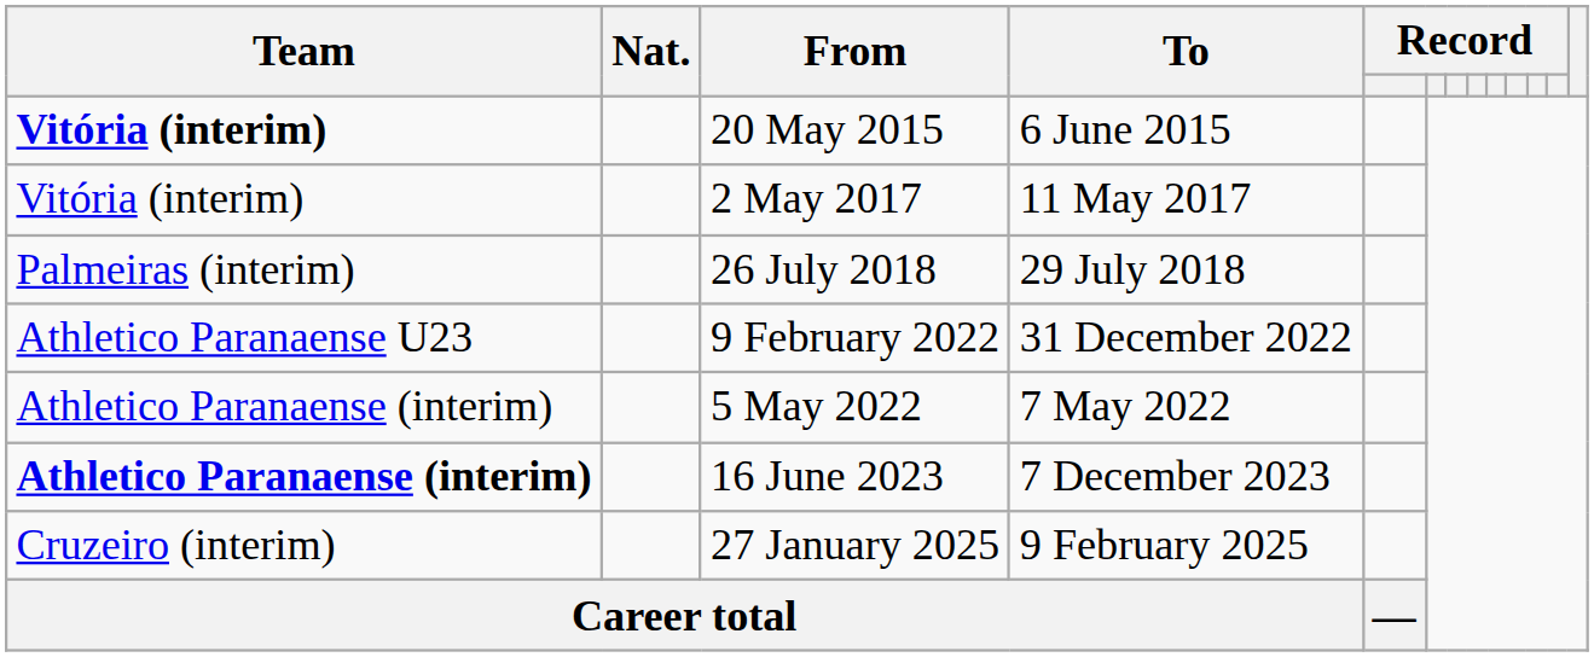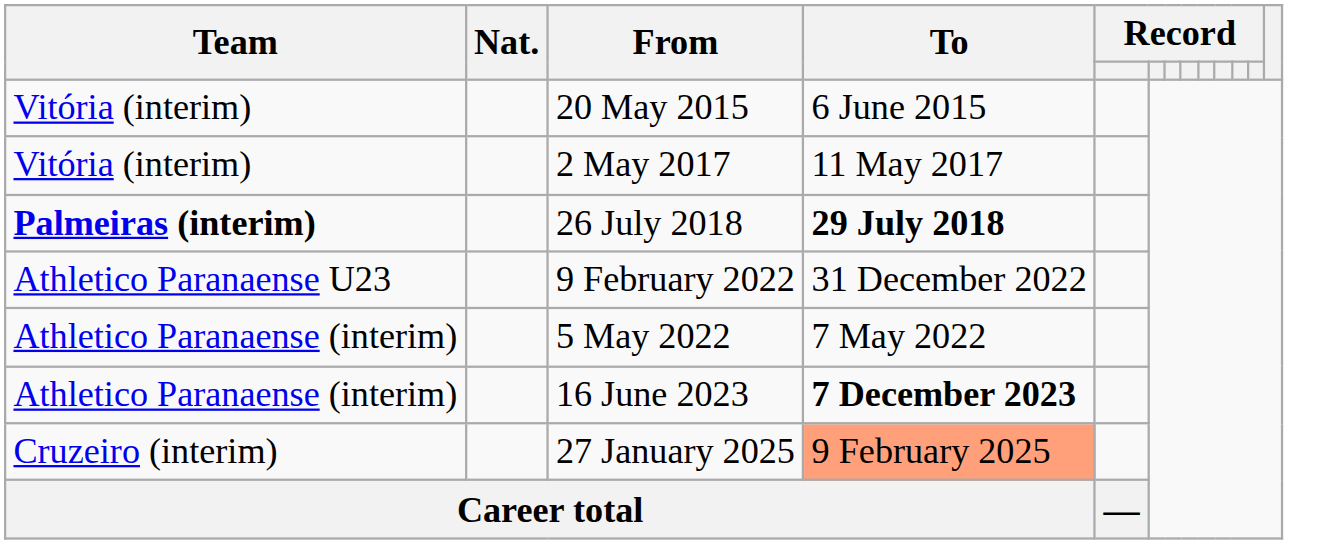 <table class="wikitable" style="text-align: center">
 <tr>
 <th rowspan="2">Team</th>
 <th rowspan="2">Nat.</th>
 <th rowspan="2">From</th>
 <th rowspan="2">To</th>
 <th colspan="8">Record</th>
 <th rowspan=2></th>
 </tr>
 <tr>
 <th></th>
 <th></th>
 <th></th>
 <th></th>
 <th></th>
 <th></th>
 <th></th>
 <th></th>
 </tr>
 <tr>
-<td align="left"><strong><a href='#'>Vitória</a> (interim)</strong></td>
+<td align="left"><a href='#'>Vitória</a> (interim)</td>
 <td></td>
 <td align=left>20 May 2015</td>
 <td align=left>6 June 2015<br></td>
 <td></td>
 </tr>
 <tr>
 <td align="left"><a href='#'>Vitória</a> (interim)</td>
 <td></td>
 <td align=left>2 May 2017</td>
 <td align=left>11 May 2017<br></td>
 <td></td>
 </tr>
 <tr>
-<td align="left"><a href='#'>Palmeiras</a> (interim)</td>
+<td align="left"><strong><a href='#'>Palmeiras</a> (interim)</strong></td>
 <td></td>
 <td align=left>26 July 2018</td>
-<td align=left>29 July 2018<br></td>
+<td align=left><strong>29 July 2018<br></strong></td>
 <td></td>
 </tr>
 <tr>
 <td align="left"><a href='#'>Athletico Paranaense</a> U23</td>
 <td></td>
 <td align=left>9 February 2022</td>
 <td align=left>31 December 2022<br></td>
 <td></td>
 </tr>
 <tr>
 <td align="left"><a href='#'>Athletico Paranaense</a> (interim)</td>
 <td></td>
 <td align=left>5 May 2022</td>
 <td align=left>7 May 2022<br></td>
 <td></td>
 </tr>
 <tr>
-<td align="left"><strong><a href='#'>Athletico Paranaense</a> (interim)</strong></td>
+<td align="left"><a href='#'>Athletico Paranaense</a> (interim)</td>
 <td></td>
 <td align=left>16 June 2023</td>
-<td align=left>7 December 2023<br></td>
+<td align=left><strong>7 December 2023<br></strong></td>
 <td></td>
 </tr>
 <tr>
 <td align="left"><a href='#'>Cruzeiro</a> (interim)</td>
 <td></td>
 <td align=left>27 January 2025</td>
-<td align=left>9 February 2025<br></td>
+<td align=left style="background: lightsalmon;">9 February 2025<br></td>
 <td></td>
 </tr>
 <tr>
 <th colspan=4><strong>Career total</strong><br></th>
 <th>—</th>
 </tr>
 </table>
